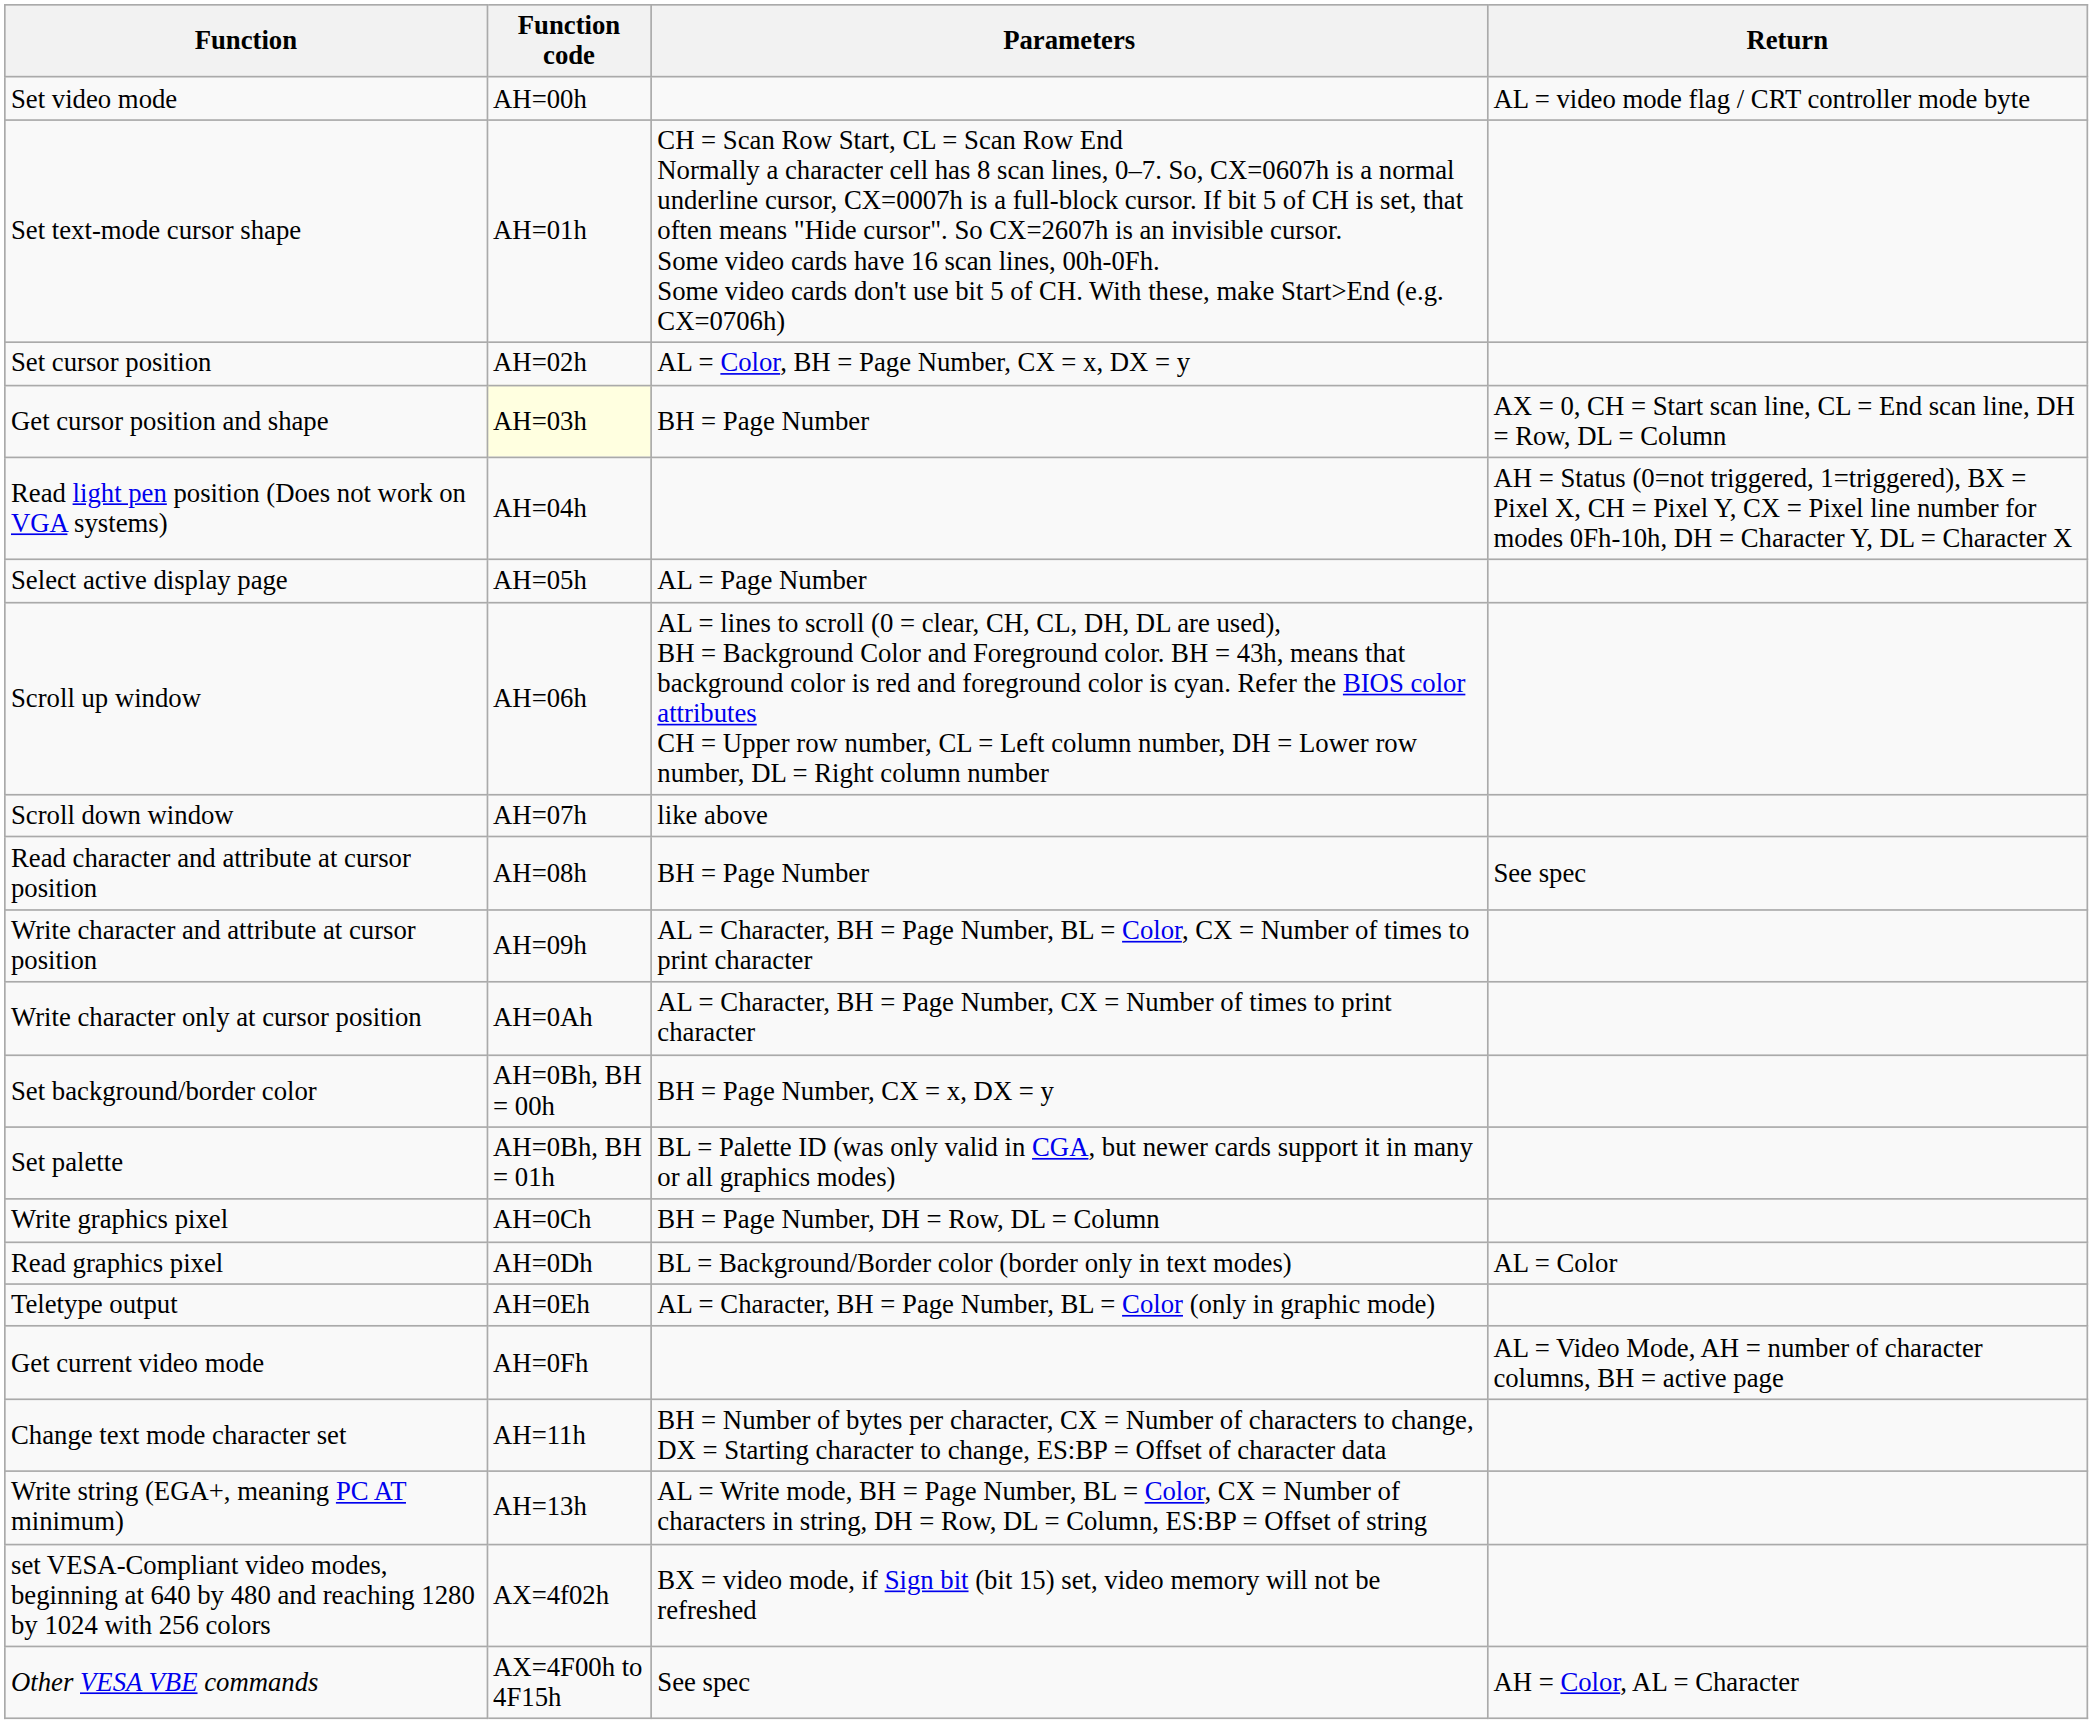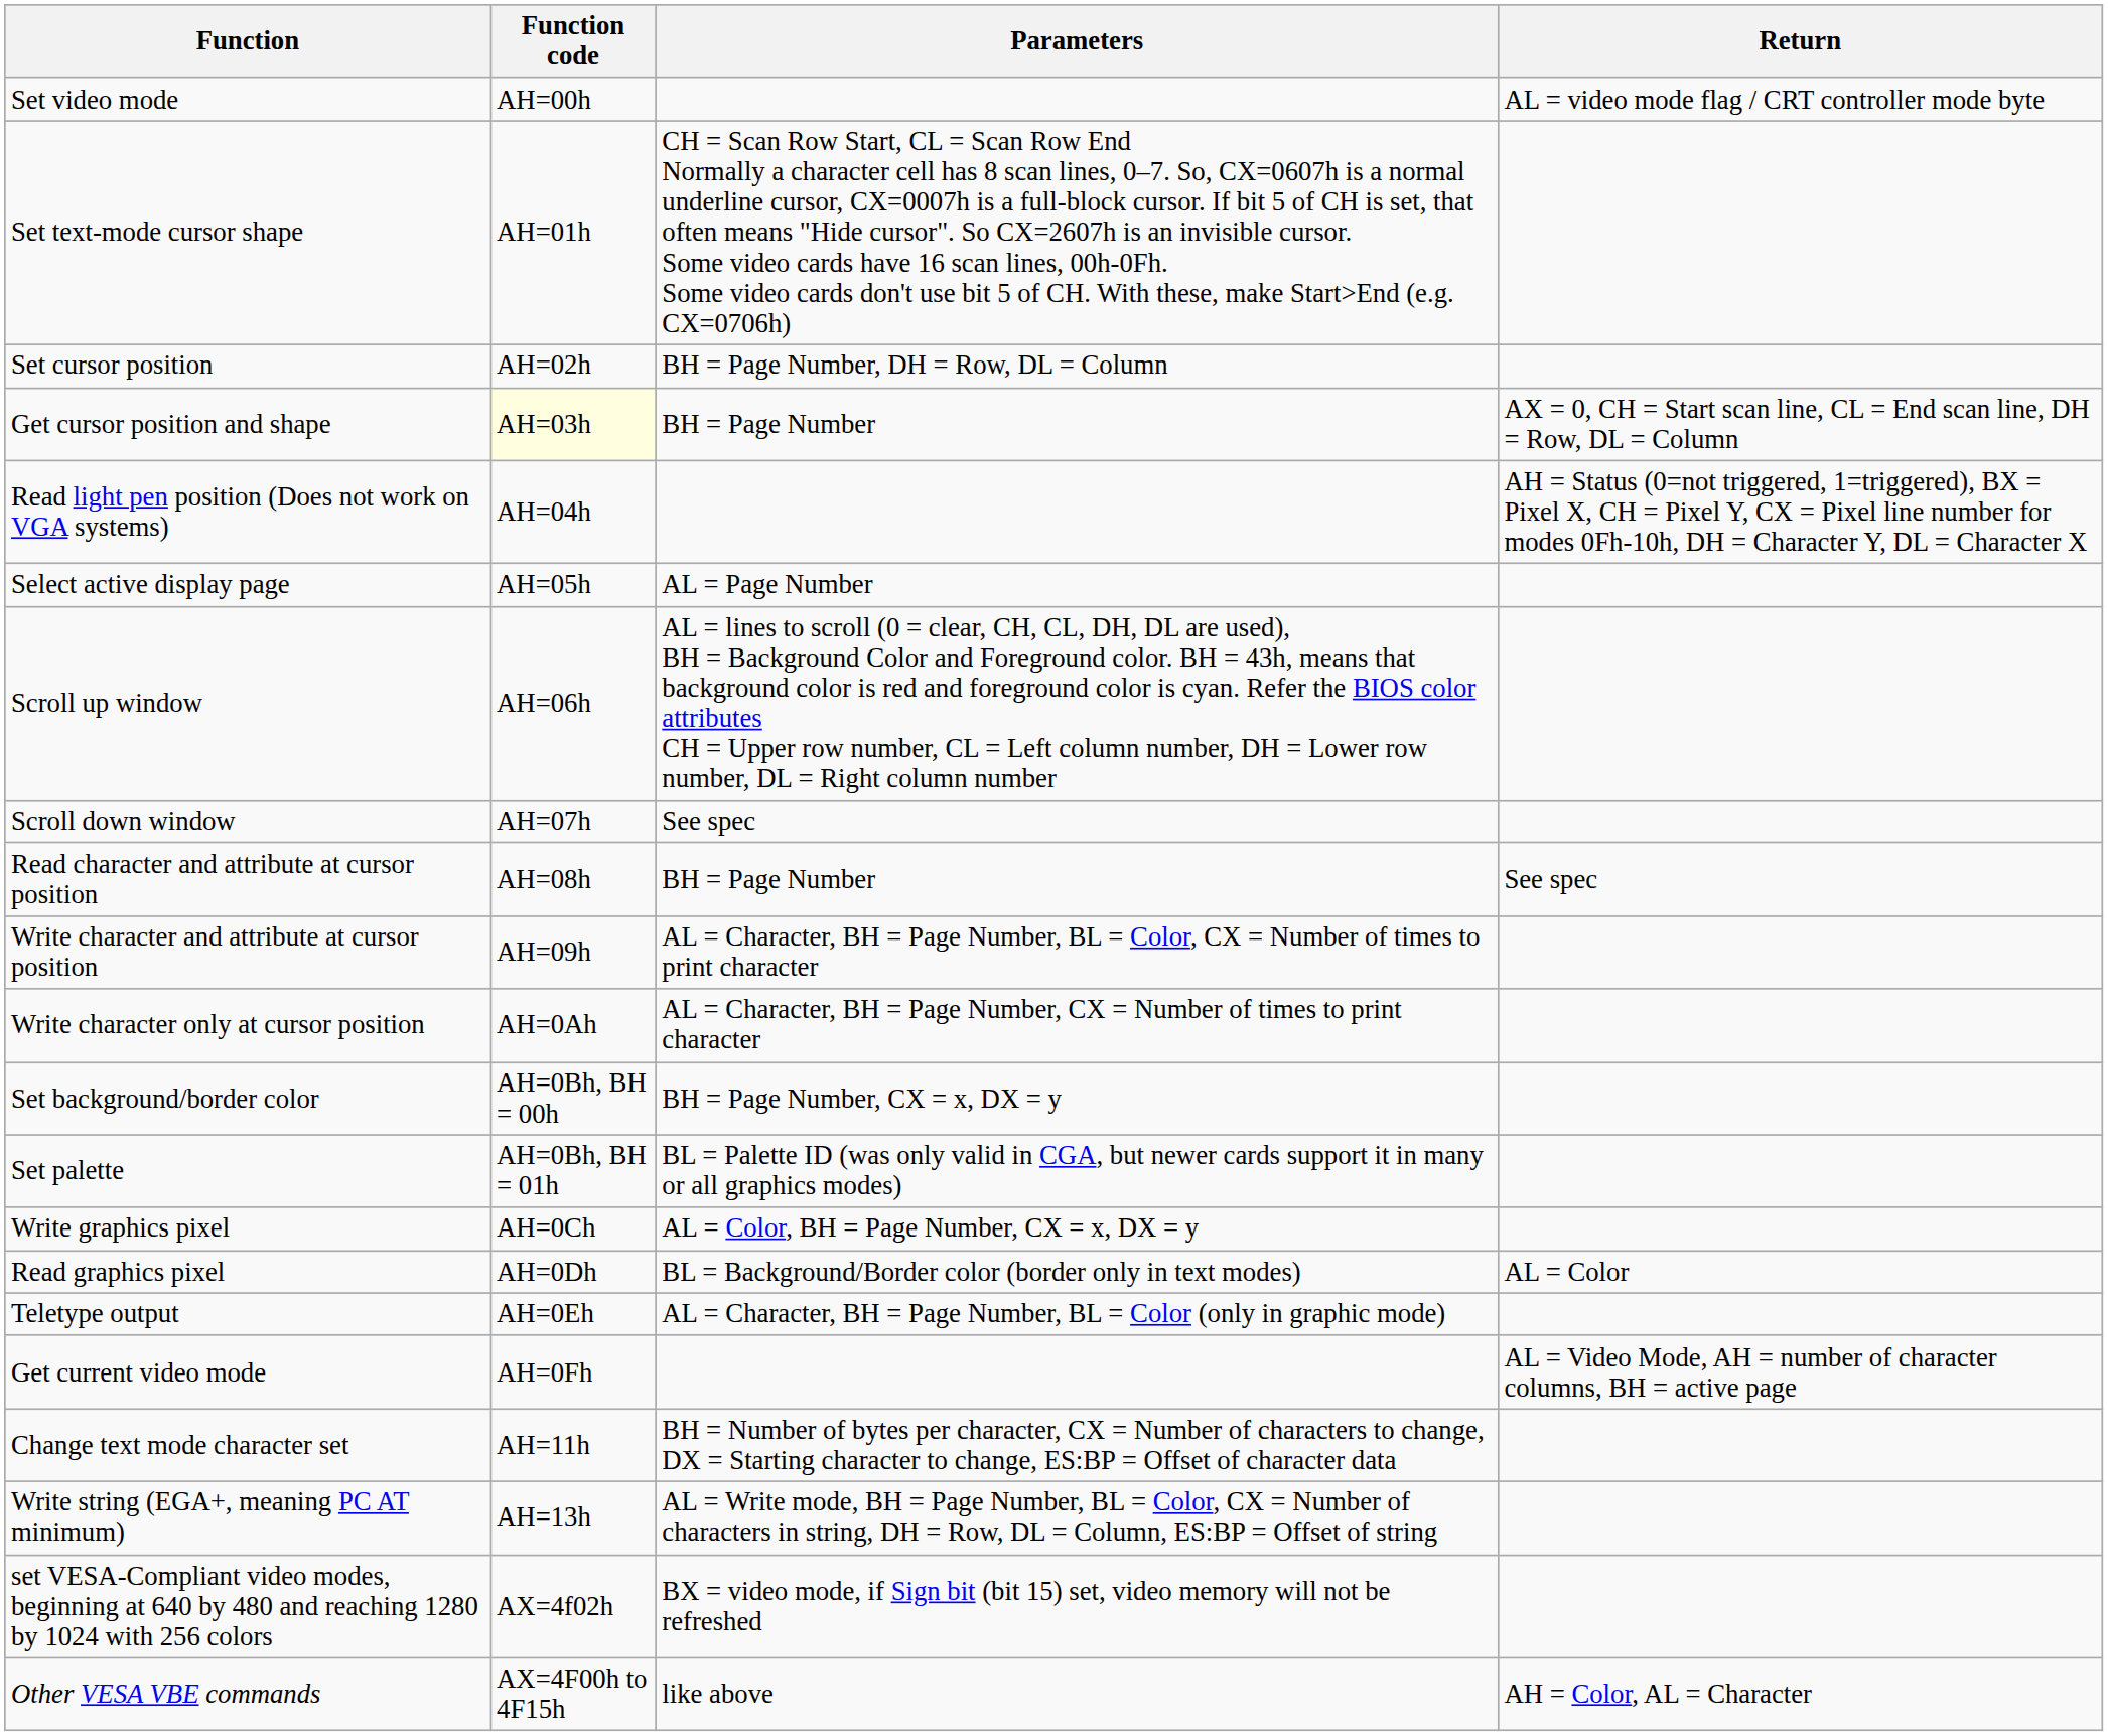 <table class = "wikitable">
 <tr>
 <th>Function</th>
 <th>Function code</th>
 <th>Parameters</th>
 <th>Return</th>
 </tr>
 <tr>
 <td>Set video mode</td>
 <td>AH=00h</td>
 <td><br></td>
 <td>AL = video mode flag / CRT controller mode byte</td>
 </tr>
 <tr>
 <td>Set text-mode cursor shape</td>
 <td>AH=01h</td>
 <td>CH = Scan Row Start, CL = Scan Row End<br>Normally a character cell has 8 scan lines, 0–7. So, CX=0607h is a normal underline cursor, CX=0007h is a full-block cursor. If bit 5 of CH is set, that often means "Hide cursor". So CX=2607h is an invisible cursor.<br>Some video cards have 16 scan lines, 00h-0Fh.<br>Some video cards don't use bit 5 of CH. With these, make Start>End (e.g. CX=0706h)</td>
 <td></td>
 </tr>
 <tr>
 <td>Set cursor position</td>
 <td>AH=02h</td>
-<td>AL = <a href='#'>Color</a>, BH = Page Number, CX = x, DX = y</td>
+<td>BH = Page Number, DH = Row, DL = Column</td>
 </tr>
 <tr>
 <td>Get cursor position and shape</td>
 <td style="background: lightyellow;">AH=03h</td>
 <td>BH = Page Number</td>
 <td>AX = 0, CH = Start scan line, CL = End scan line, DH = Row, DL = Column</td>
 </tr>
 <tr>
 <td>Read <a href='#'>light pen</a> position (Does not work on <a href='#'>VGA</a> systems)</td>
 <td>AH=04h</td>
 <td></td>
 <td>AH = Status (0=not triggered, 1=triggered), BX = Pixel X, CH = Pixel Y, CX = Pixel line number for modes 0Fh-10h, DH = Character Y, DL = Character X</td>
 </tr>
 <tr>
 <td>Select active display page</td>
 <td>AH=05h</td>
 <td>AL = Page Number</td>
 <td></td>
 </tr>
 <tr>
 <td>Scroll up window</td>
 <td>AH=06h</td>
 <td>AL = lines to scroll (0 = clear, CH, CL, DH, DL are used),<br>BH = Background Color and Foreground color. BH = 43h, means that background color is red and foreground color is cyan. Refer the <a href='#'>BIOS color attributes</a><br>CH = Upper row number, CL = Left column number, DH = Lower row number, DL = Right column number</td>
 <td></td>
 </tr>
 <tr>
 <td>Scroll down window</td>
 <td>AH=07h</td>
-<td>like above</td>
+<td>See spec</td>
 <td></td>
 </tr>
 <tr>
 <td>Read character and attribute at cursor position</td>
 <td>AH=08h</td>
 <td>BH = Page Number</td>
 <td>See spec</td>
 </tr>
 <tr>
 <td>Write character and attribute at cursor position</td>
 <td>AH=09h</td>
 <td>AL = Character, BH = Page Number, BL = <a href='#'>Color</a>, CX = Number of times to print character</td>
 <td></td>
 </tr>
 <tr>
 <td>Write character only at cursor position</td>
 <td>AH=0Ah</td>
 <td>AL = Character, BH = Page Number, CX = Number of times to print character</td>
 <td></td>
 </tr>
 <tr>
 <td>Set background/border color</td>
 <td>AH=0Bh, BH = 00h</td>
 <td>BH = Page Number, CX = x, DX = y</td>
 <td></td>
 </tr>
 <tr>
 <td>Set palette</td>
 <td>AH=0Bh, BH = 01h</td>
 <td>BL = Palette ID (was only valid in <a href='#'>CGA</a>, but newer cards support it in many or all graphics modes)</td>
 <td></td>
 </tr>
 <tr>
 <td>Write graphics pixel</td>
 <td>AH=0Ch</td>
-<td>BH = Page Number, DH = Row, DL = Column</td>
+<td>AL = <a href='#'>Color</a>, BH = Page Number, CX = x, DX = y</td>
 <td></td>
 </tr>
 <tr>
 <td>Read graphics pixel</td>
 <td>AH=0Dh</td>
 <td>BL = Background/Border color (border only in text modes)</td>
 <td>AL = Color</td>
 </tr>
 <tr>
 <td>Teletype output</td>
 <td>AH=0Eh</td>
 <td>AL = Character, BH = Page Number, BL = <a href='#'>Color</a> (only in graphic mode)</td>
 <td></td>
 </tr>
 <tr>
 <td>Get current video mode</td>
 <td>AH=0Fh</td>
 <td></td>
 <td>AL = Video Mode, AH = number of character columns, BH = active page</td>
 </tr>
 <tr>
 <td>Change text mode character set</td>
 <td>AH=11h</td>
 <td>BH = Number of bytes per character, CX = Number of characters to change, DX = Starting character to change, ES:BP = Offset of character data</td>
 <td></td>
 </tr>
 <tr>
 <td>Write string (EGA+, meaning <a href='#'>PC AT</a> minimum)</td>
 <td>AH=13h</td>
 <td>AL = Write mode, BH = Page Number, BL = <a href='#'>Color</a>, CX = Number of characters in string, DH = Row, DL = Column, ES:BP = Offset of string</td>
 <td></td>
 </tr>
 <tr>
 <td>set VESA-Compliant video modes, beginning at 640 by 480 and reaching 1280 by 1024 with 256 colors</td>
 <td>AX=4f02h</td>
 <td>BX = video mode, if <a href='#'>Sign bit</a> (bit 15) set, video memory will not be refreshed</td>
 <td></td>
 </tr>
 <tr>
 <td><em>Other <a href='#'>VESA VBE</a> commands</em></td>
 <td>AX=4F00h to 4F15h</td>
-<td>See spec</td>
+<td>like above</td>
 <td>AH = <a href='#'>Color</a>, AL = Character</td>
 </tr>
 </table>
